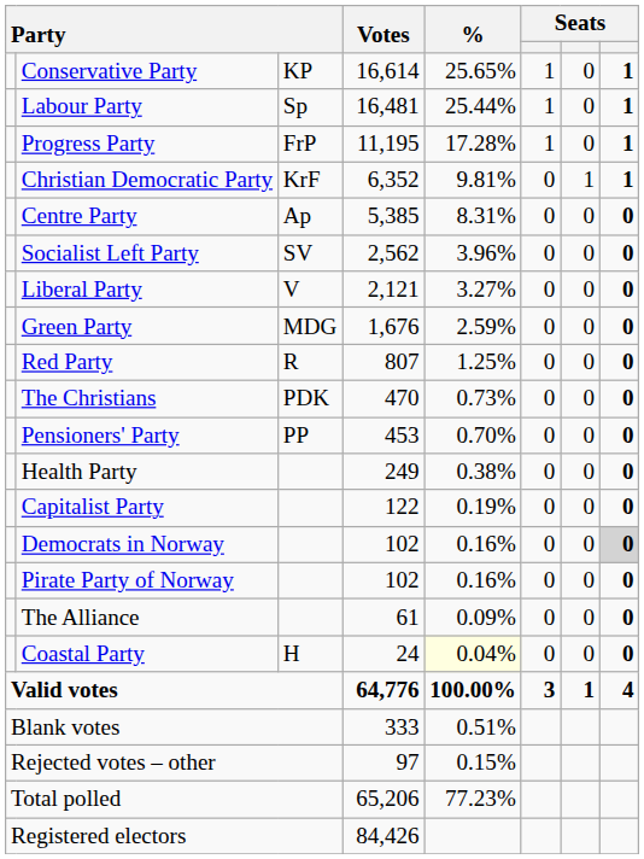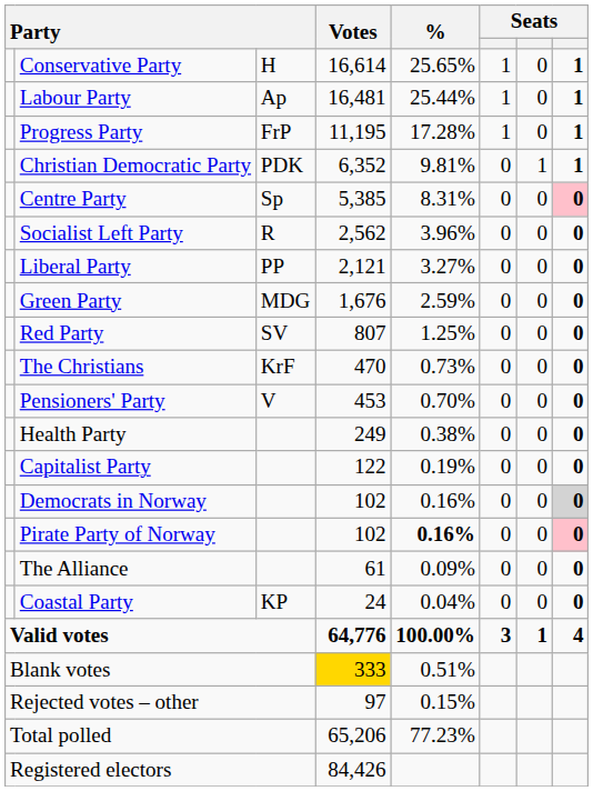 <table class="wikitable" border="1" style="text-align:right;">
 <tr>
 <th style="text-align:left;" valign=bottom rowspan=2 colspan=3>Party</th>
 <th align=center valign=bottom rowspan=2 width="50">Votes</th>
 <th align=center valign=bottom rowspan=2 width="50">%</th>
 <th colspan=3>Seats</th>
 </tr>
 <tr>
 <th align=center valign=bottom width="20"><small></small></th>
 <th align=center valign=bottom width="20"><small><a href='#'></a></small></th>
 <th align=center valign=bottom width="20"><small></small></th>
 </tr>
 <tr>
 <td style="color:inherit;background:"></td>
 <td align=left><a href='#'>Conservative Party</a></td>
-<td align=left>KP</td>
+<td align=left>H</td>
 <td>16,614</td>
 <td>25.65%</td>
 <td>1</td>
 <td>0</td>
 <td><strong>1</strong></td>
 </tr>
 <tr>
 <td style="color:inherit;background:"></td>
 <td align=left><a href='#'>Labour Party</a></td>
-<td align=left>Sp</td>
+<td align=left>Ap</td>
 <td>16,481</td>
 <td>25.44%</td>
 <td>1</td>
 <td>0</td>
 <td><strong>1</strong></td>
 </tr>
 <tr>
 <td style="color:inherit;background:"></td>
 <td align=left><a href='#'>Progress Party</a></td>
 <td align=left>FrP</td>
 <td>11,195</td>
 <td>17.28%</td>
 <td>1</td>
 <td>0</td>
 <td><strong>1</strong></td>
 </tr>
 <tr>
 <td style="color:inherit;background:"></td>
 <td align=left><a href='#'>Christian Democratic Party</a></td>
-<td align=left>KrF</td>
+<td align=left>PDK</td>
 <td>6,352</td>
 <td>9.81%</td>
 <td>0</td>
 <td>1</td>
 <td><strong>1</strong></td>
 </tr>
 <tr>
 <td style="color:inherit;background:"></td>
 <td align=left><a href='#'>Centre Party</a></td>
-<td align=left>Ap</td>
+<td align=left>Sp</td>
 <td>5,385</td>
 <td>8.31%</td>
 <td>0</td>
 <td>0</td>
-<td><strong>0</strong></td>
+<td style="background: pink;"><strong>0</strong></td>
 </tr>
 <tr>
 <td style="color:inherit;background:"></td>
 <td align=left><a href='#'>Socialist Left Party</a></td>
-<td align=left>SV</td>
+<td align=left>R</td>
 <td>2,562</td>
 <td>3.96%</td>
 <td>0</td>
 <td>0</td>
 <td><strong>0</strong></td>
 </tr>
 <tr>
 <td style="color:inherit;background:"></td>
 <td align=left><a href='#'>Liberal Party</a></td>
-<td align=left>V</td>
+<td align=left>PP</td>
 <td>2,121</td>
 <td>3.27%</td>
 <td>0</td>
 <td>0</td>
 <td><strong>0</strong></td>
 </tr>
 <tr>
 <td style="color:inherit;background:"></td>
 <td align=left><a href='#'>Green Party</a></td>
 <td align=left>MDG</td>
 <td>1,676</td>
 <td>2.59%</td>
 <td>0</td>
 <td>0</td>
 <td><strong>0</strong></td>
 </tr>
 <tr>
 <td style="color:inherit;background:"></td>
 <td align=left><a href='#'>Red Party</a></td>
-<td align=left>R</td>
+<td align=left>SV</td>
 <td>807</td>
 <td>1.25%</td>
 <td>0</td>
 <td>0</td>
 <td><strong>0</strong></td>
 </tr>
 <tr>
 <td style="color:inherit;background:"></td>
 <td align=left><a href='#'>The Christians</a></td>
-<td align=left>PDK</td>
+<td align=left>KrF</td>
 <td>470</td>
 <td>0.73%</td>
 <td>0</td>
 <td>0</td>
 <td><strong>0</strong></td>
 </tr>
 <tr>
 <td style="color:inherit;background:"></td>
 <td align=left><a href='#'>Pensioners' Party</a></td>
-<td align=left>PP</td>
+<td align=left>V</td>
 <td>453</td>
 <td>0.70%</td>
 <td>0</td>
 <td>0</td>
 <td><strong>0</strong></td>
 </tr>
 <tr>
 <td></td>
 <td align=left>Health Party</td>
 <td align=left></td>
 <td>249</td>
 <td>0.38%</td>
 <td>0</td>
 <td>0</td>
 <td><strong>0</strong></td>
 </tr>
 <tr>
 <td style="color:inherit;background:"></td>
 <td align=left><a href='#'>Capitalist Party</a></td>
 <td align=left></td>
 <td>122</td>
 <td>0.19%</td>
 <td>0</td>
 <td>0</td>
 <td><strong>0</strong></td>
 </tr>
 <tr>
 <td style="color:inherit;background:"></td>
 <td align=left><a href='#'>Democrats in Norway</a></td>
 <td align=left></td>
 <td>102</td>
 <td>0.16%</td>
 <td>0</td>
 <td>0</td>
 <td style="background: lightgrey;"><strong>0</strong></td>
 </tr>
 <tr>
 <td style="color:inherit;background:"></td>
 <td align=left><a href='#'>Pirate Party of Norway</a></td>
 <td align=left></td>
 <td>102</td>
-<td>0.16%</td>
+<td><strong>0.16%</strong></td>
 <td>0</td>
 <td>0</td>
-<td><strong>0</strong></td>
+<td style="background: pink;"><strong>0</strong></td>
 </tr>
 <tr>
 <td></td>
 <td align=left>The Alliance</td>
 <td align=left></td>
 <td>61</td>
 <td>0.09%</td>
 <td>0</td>
 <td>0</td>
 <td><strong>0</strong></td>
 </tr>
 <tr>
 <td style="color:inherit;background:"></td>
 <td align=left><a href='#'>Coastal Party</a></td>
-<td align=left>H</td>
+<td align=left>KP</td>
 <td>24</td>
-<td style="background: lightyellow;">0.04%</td>
+<td>0.04%</td>
 <td>0</td>
 <td>0</td>
 <td><strong>0</strong></td>
 </tr>
 <tr style="font-weight:bold">
 <td align=left colspan=3>Valid votes</td>
 <td>64,776</td>
 <td>100.00%</td>
 <td>3</td>
 <td>1</td>
 <td>4</td>
 </tr>
 <tr>
 <td align=left colspan=3>Blank votes</td>
-<td>333</td>
+<td style="background: gold;">333</td>
 <td>0.51%</td>
 <td></td>
 <td></td>
 <td></td>
 </tr>
 <tr>
 <td align=left colspan=3>Rejected votes – other</td>
 <td>97</td>
 <td>0.15%</td>
 <td></td>
 <td></td>
 <td></td>
 </tr>
 <tr>
 <td align=left colspan=3>Total polled</td>
 <td>65,206</td>
 <td>77.23%</td>
 <td></td>
 <td></td>
 <td></td>
 </tr>
 <tr>
 <td align=left colspan=3>Registered electors</td>
 <td>84,426</td>
 <td></td>
 <td></td>
 <td></td>
 <td></td>
 </tr>
 </table>
